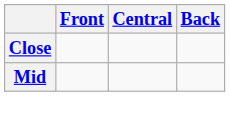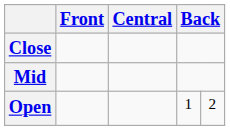 <table class="wikitable" style="text-align:center">
 <tr>
 <th></th>
 <th><a href='#'>Front</a></th>
 <th><a href='#'>Central</a></th>
 <th colspan="2"><a href='#'>Back</a></th>
 </tr>
 <tr style="text-align: center;">
 <th><a href='#'>Close</a></th>
 <td></td>
 <td></td>
 <td colspan="2"></td>
 </tr>
 <tr style="text-align: center;">
 <th><a href='#'>Mid</a></th>
 <td></td>
 <td></td>
 <td colspan="2"></td>
 </tr>
+<tr style="text-align: center;">
+<th><a href='#'>Open</a></th>
+<td></td>
+<td></td>
+<td><sup>1</sup></td>
+<td><sup>2</sup></td>
+</tr>
 </table>
